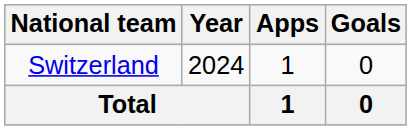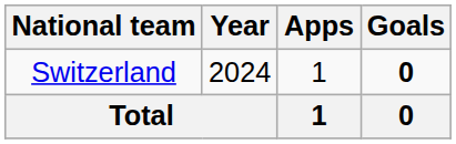 <table class="wikitable" style="text-align:center">
 <tr>
 <th>National team</th>
 <th>Year</th>
 <th>Apps</th>
 <th>Goals</th>
 </tr>
 <tr>
 <td rowspan="1"><a href='#'>Switzerland</a></td>
 <td>2024</td>
 <td>1</td>
-<td>0</td>
+<td><strong>0</strong></td>
 </tr>
 <tr>
 <th colspan="2">Total</th>
 <th>1</th>
 <th>0</th>
 </tr>
 </table>
